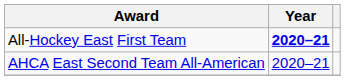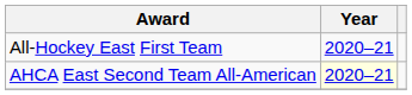 <table class="wikitable">
 <tr>
 <th>Award</th>
 <th>Year</th>
 <th></th>
 </tr>
 <tr>
 <td>All-<a href='#'>Hockey East</a> <a href='#'>First Team</a></td>
-<td><strong><a href='#'>2020–21</a></strong></td>
+<td><a href='#'>2020–21</a></td>
 <td></td>
 </tr>
 <tr>
 <td><a href='#'>AHCA</a> <a href='#'>East Second Team All-American</a></td>
-<td><a href='#'>2020–21</a></td>
+<td style="background: lightyellow;"><a href='#'>2020–21</a></td>
 <td></td>
 </tr>
 <tr>
 </tr>
 </table>
